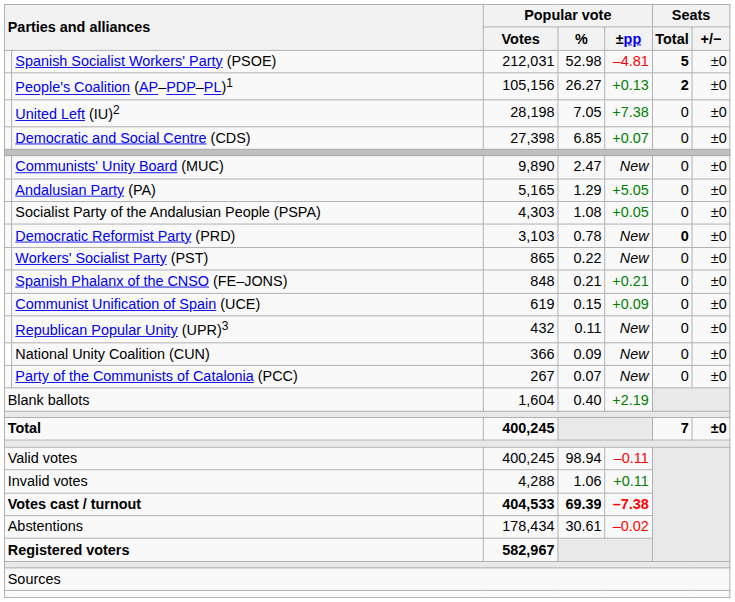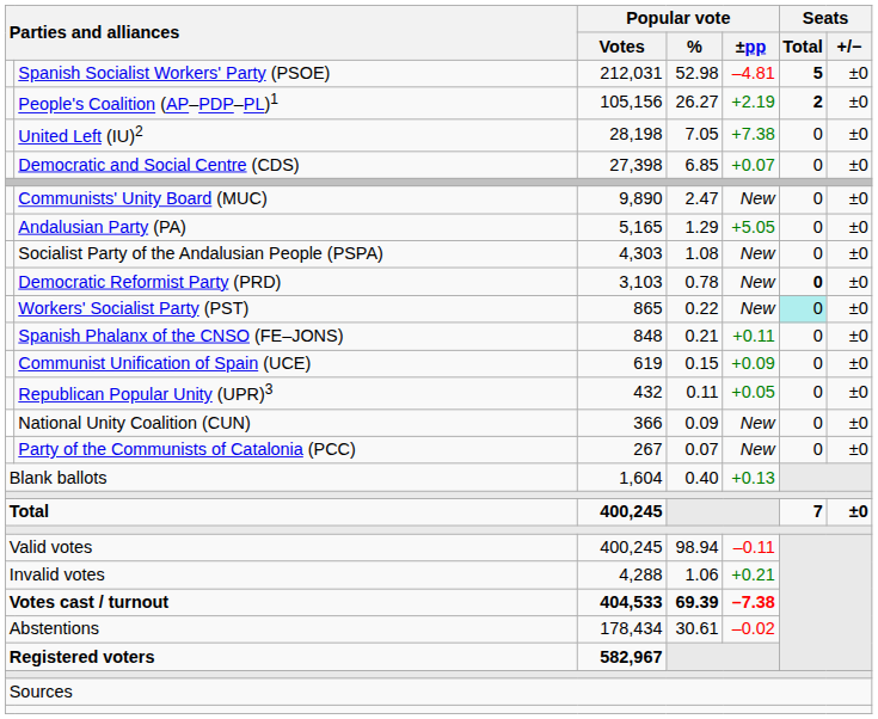 <table class="wikitable" style="text-align:right;">
 <tr>
 <th style="text-align:left;" rowspan="2" colspan="2" width="525">Parties and alliances</th>
 <th colspan="3">Popular vote</th>
 <th colspan="2">Seats</th>
 </tr>
 <tr>
 <th width="75">Votes</th>
 <th width="45">%</th>
 <th width="45">±<a href='#'>pp</a></th>
 <th width="35">Total</th>
 <th width="35">+/−</th>
 </tr>
 <tr>
 <td width="1" style="color:inherit;background:"></td>
 <td align="left"><a href='#'>Spanish Socialist Workers' Party</a> (PSOE)</td>
 <td>212,031</td>
 <td>52.98</td>
 <td style="color:red;">–4.81</td>
 <td><strong>5</strong></td>
 <td>±0</td>
 </tr>
 <tr>
 <td style="color:inherit;background:"></td>
 <td align="left"><a href='#'>People's Coalition</a> (<a href='#'>AP</a>–<a href='#'>PDP</a>–<a href='#'>PL</a>)<sup>1</sup></td>
 <td>105,156</td>
 <td>26.27</td>
-<td style="color:green;">+0.13</td>
+<td style="color:green;">+2.19</td>
 <td><strong>2</strong></td>
 <td>±0</td>
 </tr>
 <tr>
 <td style="color:inherit;background:"></td>
 <td align="left"><a href='#'>United Left</a> (IU)<sup>2</sup></td>
 <td>28,198</td>
 <td>7.05</td>
 <td style="color:green;">+7.38</td>
 <td>0</td>
 <td>±0</td>
 </tr>
 <tr>
 <td style="color:inherit;background:"></td>
 <td align="left"><a href='#'>Democratic and Social Centre</a> (CDS)</td>
 <td>27,398</td>
 <td>6.85</td>
 <td style="color:green;">+0.07</td>
 <td>0</td>
 <td>±0</td>
 </tr>
 <tr>
 <td colspan="7" bgcolor="#C0C0C0"></td>
 </tr>
 <tr>
 <td style="color:inherit;background:"></td>
 <td align="left"><a href='#'>Communists' Unity Board</a> (MUC)</td>
 <td>9,890</td>
 <td>2.47</td>
 <td><em>New</em></td>
 <td>0</td>
 <td>±0</td>
 </tr>
 <tr>
 <td style="color:inherit;background:"></td>
 <td align="left"><a href='#'>Andalusian Party</a> (PA)</td>
 <td>5,165</td>
 <td>1.29</td>
 <td style="color:green;">+5.05</td>
 <td>0</td>
 <td>±0</td>
 </tr>
 <tr>
 <td style="color:inherit;background:"></td>
 <td align="left">Socialist Party of the Andalusian People (PSPA)</td>
 <td>4,303</td>
 <td>1.08</td>
-<td style="color:green;">+0.05</td>
+<td><em>New</em></td>
 <td>0</td>
 <td>±0</td>
 </tr>
 <tr>
 <td style="color:inherit;background:"></td>
 <td align="left"><a href='#'>Democratic Reformist Party</a> (PRD)</td>
 <td>3,103</td>
 <td>0.78</td>
 <td><em>New</em></td>
 <td><strong>0</strong></td>
 <td>±0</td>
 </tr>
 <tr>
 <td style="color:inherit;background:"></td>
 <td align="left"><a href='#'>Workers' Socialist Party</a> (PST)</td>
 <td>865</td>
 <td>0.22</td>
 <td><em>New</em></td>
-<td>0</td>
+<td style="background: paleturquoise;">0</td>
 <td>±0</td>
 </tr>
 <tr>
 <td style="color:inherit;background:"></td>
 <td align="left"><a href='#'>Spanish Phalanx of the CNSO</a> (FE–JONS)</td>
 <td>848</td>
 <td>0.21</td>
-<td style="color:green;">+0.21</td>
+<td style="color:green;">+0.11</td>
 <td>0</td>
 <td>±0</td>
 </tr>
 <tr>
 <td style="color:inherit;background:"></td>
 <td align="left"><a href='#'>Communist Unification of Spain</a> (UCE)</td>
 <td>619</td>
 <td>0.15</td>
 <td style="color:green;">+0.09</td>
 <td>0</td>
 <td>±0</td>
 </tr>
 <tr>
 <td style="color:inherit;background:"></td>
 <td align="left"><a href='#'>Republican Popular Unity</a> (UPR)<sup>3</sup></td>
 <td>432</td>
 <td>0.11</td>
-<td><em>New</em></td>
+<td style="color:green;">+0.05</td>
 <td>0</td>
 <td>±0</td>
 </tr>
 <tr>
 <td bgcolor="white"></td>
 <td align="left">National Unity Coalition (CUN)</td>
 <td>366</td>
 <td>0.09</td>
 <td><em>New</em></td>
 <td>0</td>
 <td>±0</td>
 </tr>
 <tr>
 <td style="color:inherit;background:"></td>
 <td align="left"><a href='#'>Party of the Communists of Catalonia</a> (PCC)</td>
 <td>267</td>
 <td>0.07</td>
 <td><em>New</em></td>
 <td>0</td>
 <td>±0</td>
 </tr>
 <tr>
 <td align="left" colspan="2">Blank ballots</td>
 <td>1,604</td>
 <td>0.40</td>
-<td style="color:green;">+2.19</td>
+<td style="color:green;">+0.13</td>
 <td bgcolor="#E9E9E9" colspan="2"></td>
 </tr>
 <tr>
 <td colspan="7" bgcolor="#E9E9E9"></td>
 </tr>
 <tr style="font-weight:bold;">
 <td align="left" colspan="2">Total</td>
 <td>400,245</td>
 <td bgcolor="#E9E9E9" colspan="2"></td>
 <td>7</td>
 <td>±0</td>
 </tr>
 <tr>
 <td colspan="7" bgcolor="#E9E9E9"></td>
 </tr>
 <tr>
 <td align="left" colspan="2">Valid votes</td>
 <td>400,245</td>
 <td>98.94</td>
 <td style="color:red;">–0.11</td>
 <td bgcolor="#E9E9E9" colspan="2" rowspan="5"></td>
 </tr>
 <tr>
 <td align="left" colspan="2">Invalid votes</td>
 <td>4,288</td>
 <td>1.06</td>
-<td style="color:green;">+0.11</td>
+<td style="color:green;">+0.21</td>
 </tr>
 <tr style="font-weight:bold;">
 <td align="left" colspan="2">Votes cast / turnout</td>
 <td>404,533</td>
 <td>69.39</td>
 <td style="color:red;">–7.38</td>
 </tr>
 <tr>
 <td align="left" colspan="2">Abstentions</td>
 <td>178,434</td>
 <td>30.61</td>
 <td style="color:red;">–0.02</td>
 </tr>
 <tr style="font-weight:bold;">
 <td align="left" colspan="2">Registered voters</td>
 <td>582,967</td>
 <td bgcolor="#E9E9E9" colspan="2"></td>
 </tr>
 <tr>
 <td colspan="7" bgcolor="#E9E9E9"></td>
 </tr>
 <tr>
 <td align="left" colspan="7">Sources</td>
 </tr>
 <tr>
 <td colspan="7" style="text-align:left; max-width:790px;"></td>
 </tr>
 </table>
